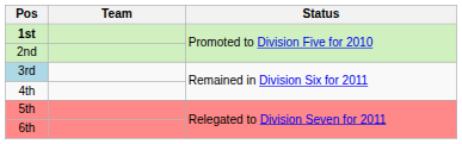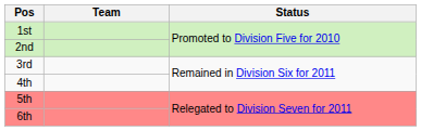 <table class="wikitable">
 <tr>
 <th width=50>Pos</th>
 <th width=175>Team</th>
 <th width=353>Status</th>
 </tr>
 <tr style="background:#D0F0C0">
-<td style="text-align:center;"><strong>1st</strong></td>
+<td style="text-align:center;">1st</td>
 <td></td>
 <td rowspan=2>Promoted to <a href='#'>Division Five for 2010</a></td>
 </tr>
 <tr style="background:#D0F0C0">
 <td style="text-align:center;">2nd</td>
 <td></td>
 </tr>
 <tr>
-<td style="background: lightblue; text-align:center;">3rd</td>
+<td style="text-align:center;">3rd</td>
 <td></td>
 <td rowspan=2>Remained in <a href='#'>Division Six for 2011</a></td>
 </tr>
 <tr>
 <td style="text-align:center;">4th</td>
 <td></td>
 </tr>
 <tr style="background:#FF8888">
 <td style="text-align:center;">5th</td>
 <td></td>
 <td rowspan=2>Relegated to <a href='#'>Division Seven for 2011</a></td>
 </tr>
 <tr style="background:#FF8888">
 <td style="text-align:center;">6th</td>
 <td></td>
 </tr>
 </table>
